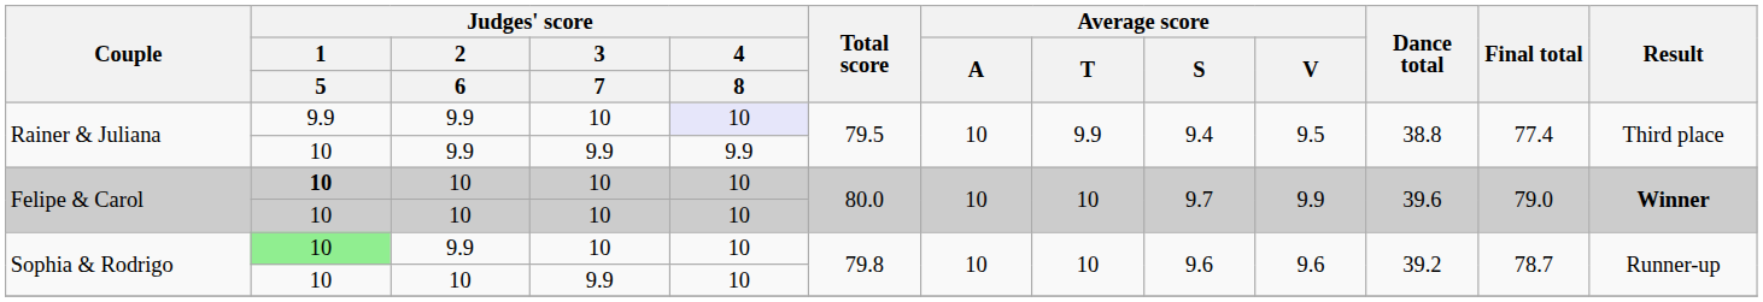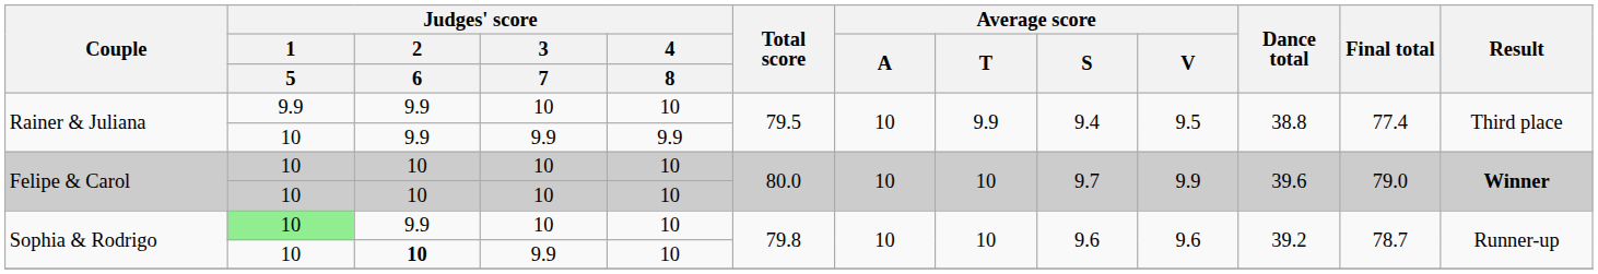 <table class="wikitable" style="font-size:100%; line-height:16px; text-align:center" width="100%">
 <tr>
 <th rowspan=3 style="width:11.0%;">Couple</th>
 <th colspan=4 style="width:25.0%;">Judges' score</th>
 <th rowspan=3 style="width:05.0%;">Total score</th>
 <th colspan=4 style="width:20.0%;">Average score</th>
 <th rowspan=3 style="width:05.0%;">Dance total</th>
 <th rowspan=3 style="width:05.0%;">Final total</th>
 <th rowspan=3 style="width:07.5%;">Result</th>
 </tr>
 <tr>
 <th>1</th>
 <th>2</th>
 <th>3</th>
 <th>4</th>
 <th rowspan=2 style="width:05.0%;">A</th>
 <th rowspan=2 style="width:05.0%;">T</th>
 <th rowspan=2 style="width:05.0%;">S</th>
 <th rowspan=2 style="width:05.0%;">V</th>
 </tr>
 <tr>
 <th>5</th>
 <th>6</th>
 <th>7</th>
 <th>8</th>
 </tr>
 <tr>
 <td align="left" rowspan=2>Rainer & Juliana</td>
 <td>9.9</td>
 <td>9.9</td>
 <td>10</td>
-<td style="background: lavender;">10</td>
+<td>10</td>
 <td rowspan=2>79.5</td>
 <td rowspan=2>10</td>
 <td rowspan=2>9.9</td>
 <td rowspan=2>9.4</td>
 <td rowspan=2>9.5</td>
 <td rowspan=2>38.8</td>
 <td rowspan=2>77.4</td>
 <td rowspan=2>Third place</td>
 </tr>
 <tr>
 <td>10</td>
 <td>9.9</td>
 <td>9.9</td>
 <td>9.9</td>
 </tr>
 <tr bgcolor=CCCCCC>
 <td align="left" rowspan=2>Felipe & Carol</td>
-<td><strong>10</strong></td>
+<td>10</td>
 <td>10</td>
 <td>10</td>
 <td>10</td>
 <td rowspan=2>80.0</td>
 <td rowspan=2>10</td>
 <td rowspan=2>10</td>
 <td rowspan=2>9.7</td>
 <td rowspan=2>9.9</td>
 <td rowspan=2>39.6</td>
 <td rowspan=2>79.0</td>
 <td rowspan=2><strong>Winner</strong></td>
 </tr>
 <tr bgcolor="CCCCCC">
 <td>10</td>
 <td>10</td>
 <td>10</td>
 <td>10</td>
 </tr>
 <tr>
 <td align="left" rowspan=2>Sophia & Rodrigo</td>
 <td style="background: lightgreen;">10</td>
 <td>9.9</td>
 <td>10</td>
 <td>10</td>
 <td rowspan=2>79.8</td>
 <td rowspan=2>10</td>
 <td rowspan=2>10</td>
 <td rowspan=2>9.6</td>
 <td rowspan=2>9.6</td>
 <td rowspan=2>39.2</td>
 <td rowspan=2>78.7</td>
 <td rowspan=2>Runner-up</td>
 </tr>
 <tr>
 <td>10</td>
-<td>10</td>
+<td><strong>10</strong></td>
 <td>9.9</td>
 <td>10</td>
 </tr>
 <tr>
 </tr>
 </table>
